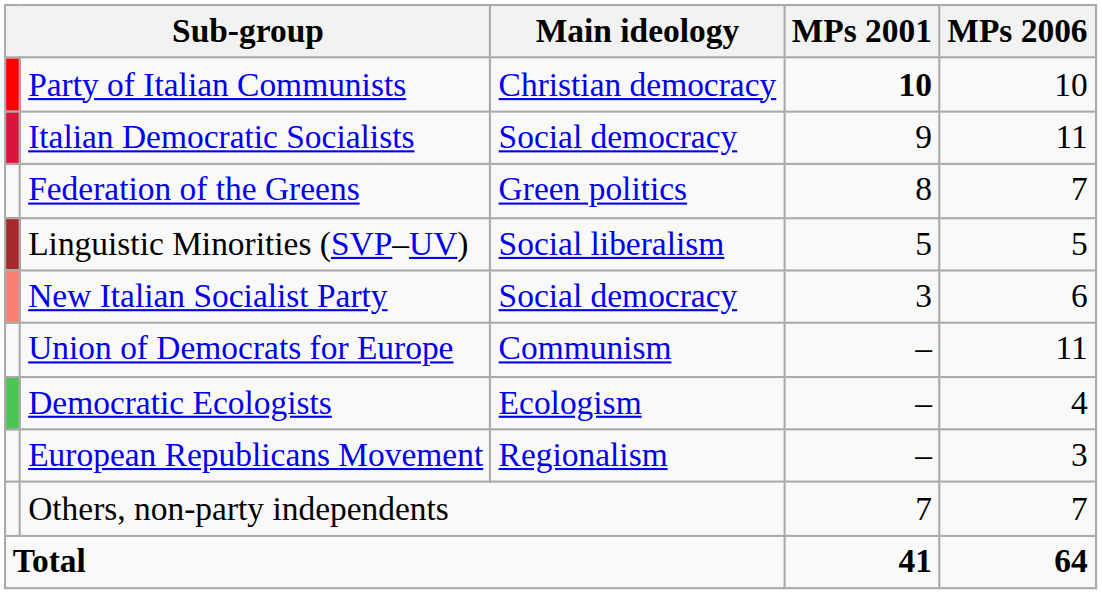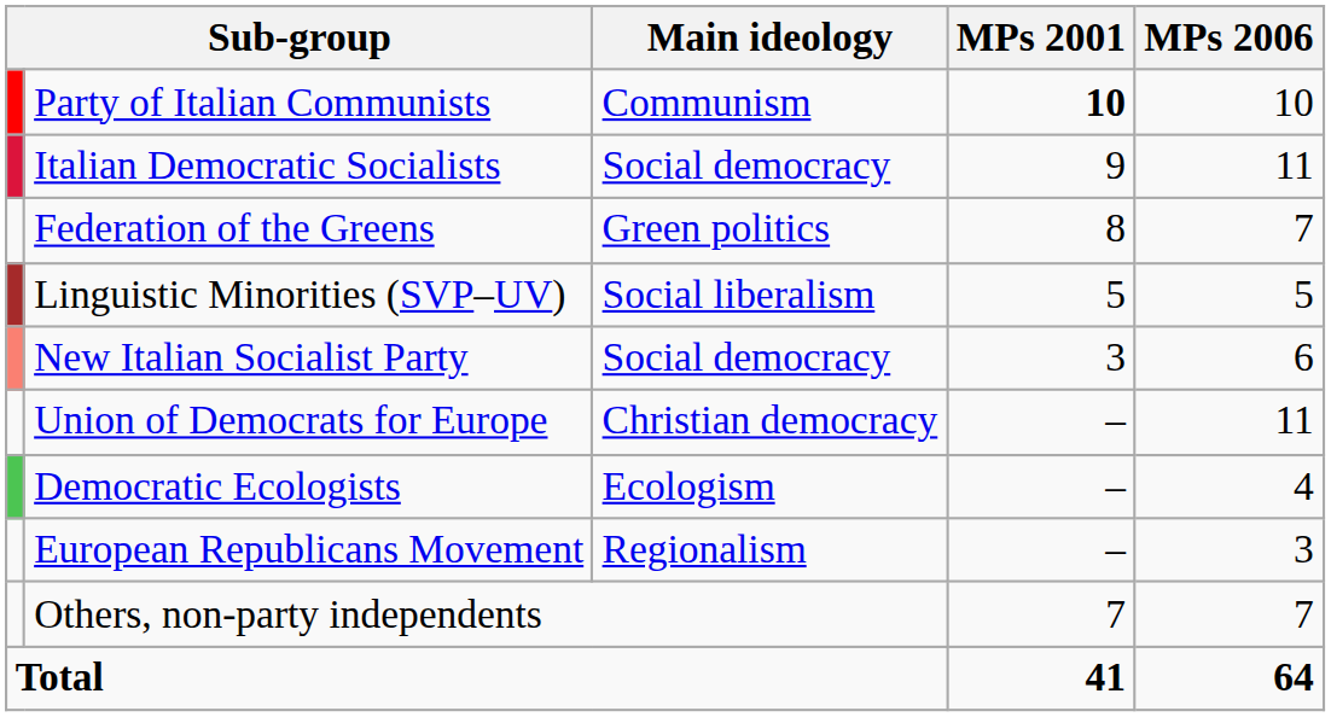 <table class="wikitable" style="font-size:100%">
 <tr>
 <th colspan=2>Sub-group</th>
 <th>Main ideology</th>
 <th>MPs 2001</th>
 <th>MPs 2006</th>
 </tr>
 <tr>
 <td bgcolor="red"></td>
 <td><a href='#'>Party of Italian Communists</a></td>
-<td><a href='#'>Christian democracy</a></td>
+<td><a href='#'>Communism</a></td>
 <td align=right><strong>10</strong></td>
 <td align=right>10</td>
 </tr>
 <tr>
 <td bgcolor="#DC143C"></td>
 <td><a href='#'>Italian Democratic Socialists</a></td>
 <td><a href='#'>Social democracy</a></td>
 <td align=right>9</td>
 <td align=right>11</td>
 </tr>
 <tr>
 <td></td>
 <td><a href='#'>Federation of the Greens</a></td>
 <td><a href='#'>Green politics</a></td>
 <td align=right>8</td>
 <td align=right>7</td>
 </tr>
 <tr>
 <td bgcolor="brown"></td>
 <td>Linguistic Minorities (<a href='#'>SVP</a>–<a href='#'>UV</a>)</td>
 <td><a href='#'>Social liberalism</a></td>
 <td align=right>5</td>
 <td align=right>5</td>
 </tr>
 <tr>
 <td bgcolor="salmon"></td>
 <td><a href='#'>New Italian Socialist Party</a></td>
 <td><a href='#'>Social democracy</a></td>
 <td align=right>3</td>
 <td align=right>6</td>
 </tr>
 <tr>
 <td></td>
 <td><a href='#'>Union of Democrats for Europe</a></td>
-<td><a href='#'>Communism</a></td>
+<td><a href='#'>Christian democracy</a></td>
 <td align=right>–</td>
 <td align=right>11</td>
 </tr>
 <tr>
 <td bgcolor="#4CC552"></td>
 <td><a href='#'>Democratic Ecologists</a></td>
 <td><a href='#'>Ecologism</a></td>
 <td align=right>–</td>
 <td align=right>4</td>
 </tr>
 <tr>
 <td></td>
 <td><a href='#'>European Republicans Movement</a></td>
 <td><a href='#'>Regionalism</a></td>
 <td align=right>–</td>
 <td align=right>3</td>
 </tr>
 <tr>
 <td></td>
 <td colspan=2>Others, non-party independents</td>
 <td align=right>7</td>
 <td align=right>7</td>
 </tr>
 <tr>
 <td colspan=3><strong>Total</strong></td>
 <td align=right><strong>41</strong></td>
 <td align=right><strong>64</strong></td>
 </tr>
 </table>
